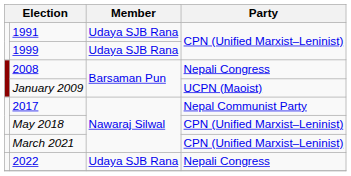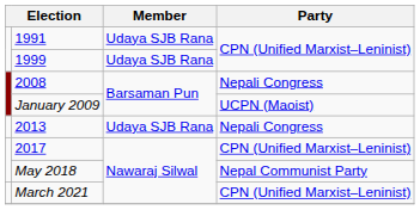 <table class="wikitable">
 <tr>
 <th colspan="2">Election</th>
 <th>Member</th>
 <th>Party</th>
 </tr>
 <tr>
 <td rowspan="2" style="background-color:"></td>
 <td><a href='#'>1991</a></td>
 <td><a href='#'>Udaya SJB Rana</a></td>
 <td rowspan="2"><a href='#'>CPN (Unified Marxist–Leninist)</a></td>
 </tr>
 <tr>
 <td><a href='#'>1999</a></td>
 <td><a href='#'>Udaya SJB Rana</a></td>
 </tr>
 <tr>
 <td rowspan="2" style="background-color:darkred"></td>
 <td><a href='#'>2008</a></td>
 <td rowspan="2"><a href='#'>Barsaman Pun</a></td>
 <td><a href='#'>Nepali Congress</a></td>
 </tr>
 <tr>
 <td><em>January 2009</em></td>
 <td><a href='#'>UCPN (Maoist)</a></td>
 </tr>
 <tr>
+<td style="background-color:"></td>
+<td><a href='#'>2013</a></td>
+<td><a href='#'>Udaya SJB Rana</a></td>
+<td><a href='#'>Nepali Congress</a></td>
+</tr>
+<tr>
 <td rowspan="2" style="background-color:"></td>
 <td><a href='#'>2017</a></td>
 <td rowspan="3"><a href='#'>Nawaraj Silwal</a></td>
-<td><a href='#'>Nepal Communist Party</a></td>
+<td><a href='#'>CPN (Unified Marxist–Leninist)</a></td>
 </tr>
 <tr>
 <td><em>May 2018</em></td>
-<td><a href='#'>CPN (Unified Marxist–Leninist)</a></td>
+<td><a href='#'>Nepal Communist Party</a></td>
 </tr>
 <tr>
 <td></td>
 <td><em>March 2021</em></td>
 <td><a href='#'>CPN (Unified Marxist–Leninist)</a></td>
 </tr>
 <tr>
-<td style="background-color:"></td>
-<td><a href='#'>2022</a></td>
-<td><a href='#'>Udaya SJB Rana</a></td>
-<td><a href='#'>Nepali Congress</a></td>
-</tr>
-<tr>
 </tr>
 </table>
